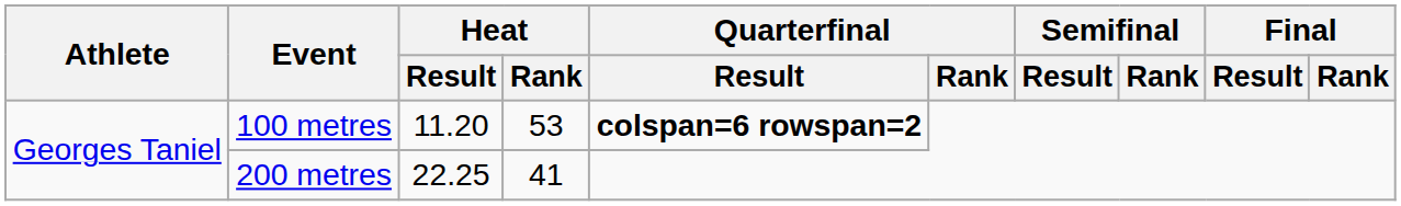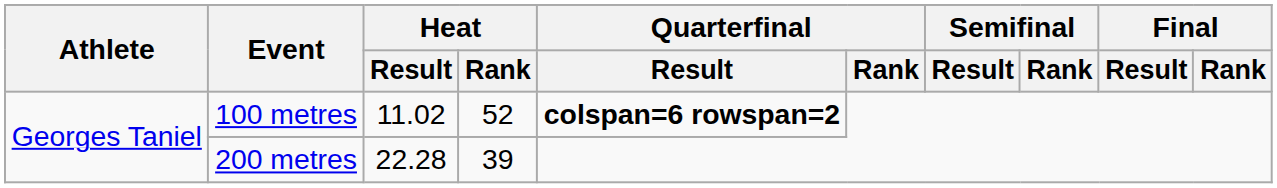 <table class=wikitable style=font-size:90%>
 <tr>
 <th rowspan=2>Athlete</th>
 <th rowspan=2>Event</th>
 <th colspan=2>Heat</th>
 <th colspan=2>Quarterfinal</th>
 <th colspan=2>Semifinal</th>
 <th colspan=2>Final</th>
 </tr>
 <tr style=font-size:95%>
 <th>Result</th>
 <th>Rank</th>
 <th>Result</th>
 <th>Rank</th>
 <th>Result</th>
 <th>Rank</th>
 <th>Result</th>
 <th>Rank</th>
 </tr>
 <tr align=center>
 <td align=left rowspan=2><a href='#'>Georges Taniel</a></td>
 <td align=left><a href='#'>100 metres</a></td>
-<td>11.20</td>
-<td>53</td>
+<td>11.02</td>
+<td>52</td>
 <td><strong>colspan=6 rowspan=2 </strong></td>
 </tr>
 <tr align=center>
 <td align=left><a href='#'>200 metres</a></td>
-<td>22.25</td>
-<td>41</td>
+<td>22.28</td>
+<td>39</td>
 </tr>
 </table>
